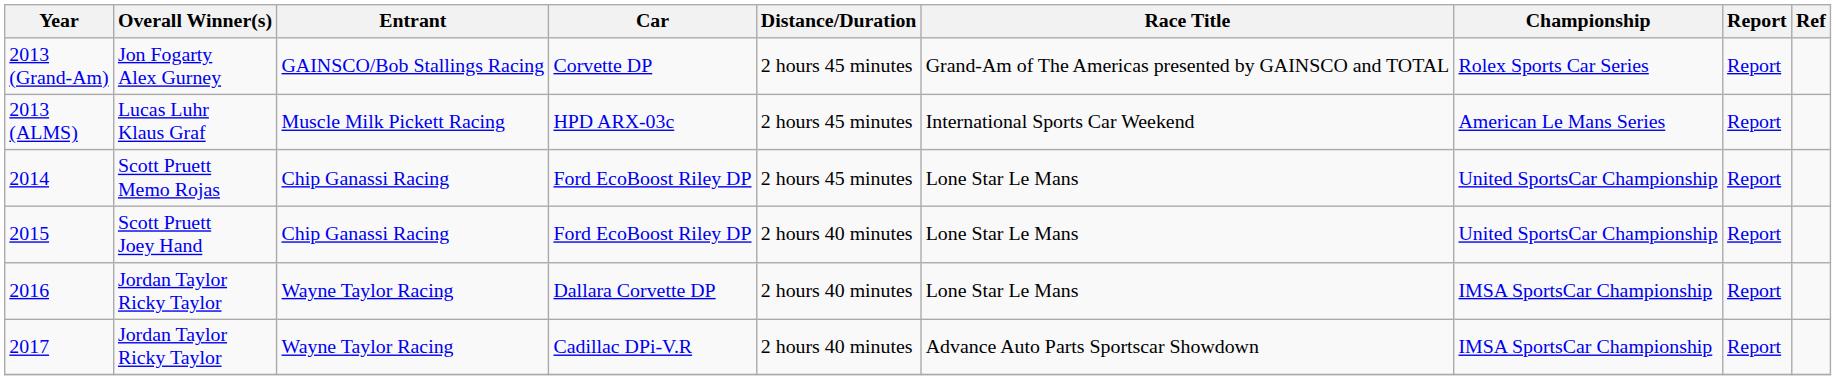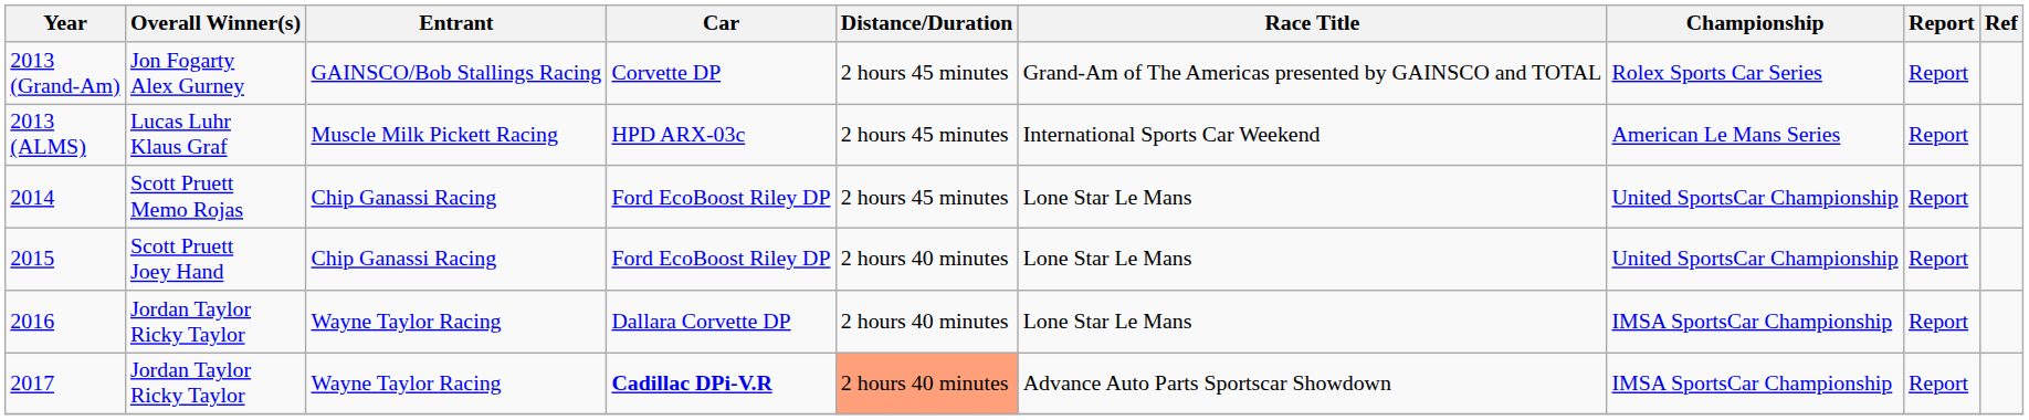 <table class="wikitable" style="font-size: 90%;">
 <tr>
 <th>Year</th>
 <th>Overall Winner(s)</th>
 <th>Entrant</th>
 <th>Car</th>
 <th>Distance/Duration</th>
 <th>Race Title</th>
 <th>Championship</th>
 <th>Report</th>
 <th>Ref</th>
 </tr>
 <tr>
 <td><a href='#'>2013<br>(Grand-Am)</a></td>
 <td> <a href='#'>Jon Fogarty</a><br> <a href='#'>Alex Gurney</a></td>
 <td> <a href='#'>GAINSCO/Bob Stallings Racing</a></td>
 <td><a href='#'>Corvette DP</a></td>
 <td>2 hours 45 minutes</td>
 <td>Grand-Am of The Americas presented by GAINSCO and TOTAL</td>
 <td><a href='#'>Rolex Sports Car Series</a></td>
 <td><a href='#'>Report</a></td>
 <td></td>
 </tr>
 <tr>
 <td><a href='#'>2013<br>(ALMS)</a></td>
 <td> <a href='#'>Lucas Luhr</a><br> <a href='#'>Klaus Graf</a></td>
 <td> <a href='#'>Muscle Milk Pickett Racing</a></td>
 <td><a href='#'>HPD ARX-03c</a></td>
 <td>2 hours 45 minutes</td>
 <td>International Sports Car Weekend</td>
 <td><a href='#'>American Le Mans Series</a></td>
 <td><a href='#'>Report</a></td>
 <td></td>
 </tr>
 <tr>
 <td><a href='#'>2014</a></td>
 <td> <a href='#'>Scott Pruett</a><br> <a href='#'>Memo Rojas</a></td>
 <td> <a href='#'>Chip Ganassi Racing</a></td>
 <td><a href='#'>Ford EcoBoost Riley DP</a></td>
 <td>2 hours 45 minutes</td>
 <td>Lone Star Le Mans</td>
 <td><a href='#'>United SportsCar Championship</a></td>
 <td><a href='#'>Report</a></td>
 <td></td>
 </tr>
 <tr>
 <td><a href='#'>2015</a></td>
 <td> <a href='#'>Scott Pruett</a><br> <a href='#'>Joey Hand</a></td>
 <td> <a href='#'>Chip Ganassi Racing</a></td>
 <td><a href='#'>Ford EcoBoost Riley DP</a></td>
 <td>2 hours 40 minutes</td>
 <td>Lone Star Le Mans</td>
 <td><a href='#'>United SportsCar Championship</a></td>
 <td><a href='#'>Report</a></td>
 <td></td>
 </tr>
 <tr>
 <td><a href='#'>2016</a></td>
 <td> <a href='#'>Jordan Taylor</a><br> <a href='#'>Ricky Taylor</a></td>
 <td> <a href='#'>Wayne Taylor Racing</a></td>
 <td><a href='#'>Dallara Corvette DP</a></td>
 <td>2 hours 40 minutes</td>
 <td>Lone Star Le Mans</td>
 <td><a href='#'>IMSA SportsCar Championship</a></td>
 <td><a href='#'>Report</a></td>
 <td></td>
 </tr>
 <tr>
 <td><a href='#'>2017</a></td>
 <td> <a href='#'>Jordan Taylor</a><br> <a href='#'>Ricky Taylor</a></td>
 <td> <a href='#'>Wayne Taylor Racing</a></td>
-<td><a href='#'>Cadillac DPi-V.R</a></td>
-<td>2 hours 40 minutes</td>
+<td><strong><a href='#'>Cadillac DPi-V.R</a></strong></td>
+<td style="background: lightsalmon;">2 hours 40 minutes</td>
 <td>Advance Auto Parts Sportscar Showdown</td>
 <td><a href='#'>IMSA SportsCar Championship</a></td>
 <td><a href='#'>Report</a></td>
 <td></td>
 </tr>
 <tr>
 </tr>
 </table>
